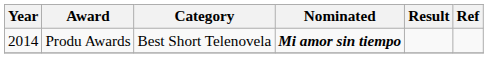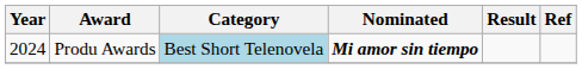 <table class="wikitable plainrowheaders">
 <tr>
 <th scope="col">Year</th>
 <th scope="col">Award</th>
 <th scope="col">Category</th>
 <th scope="col">Nominated</th>
 <th scope="col">Result</th>
 <th scope="col">Ref</th>
 </tr>
 <tr>
-<td>2014</td>
+<td>2024</td>
 <td>Produ Awards</td>
-<td>Best Short Telenovela</td>
+<td style="background: lightblue;">Best Short Telenovela</td>
 <td><strong><em>Mi amor sin tiempo</em></strong></td>
 <td></td>
 <td align="center"></td>
 </tr>
 <tr>
 </tr>
 </table>
